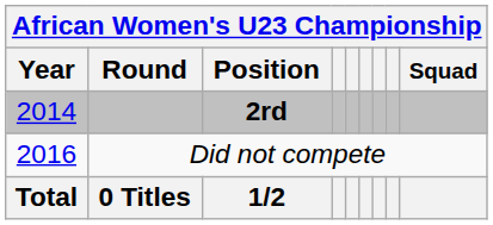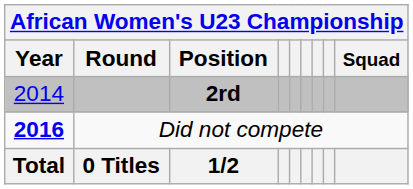 <table class="wikitable" style="text-align: center;">
 <tr>
 <th colspan=9><a href='#'>African Women's U23 Championship</a></th>
 </tr>
 <tr>
 <th>Year</th>
 <th>Round</th>
 <th>Position</th>
 <th></th>
 <th></th>
 <th></th>
 <th></th>
 <th></th>
 <th><small>Squad</small></th>
 </tr>
 <tr bgcolor=silver>
 <td> <a href='#'>2014</a></td>
 <td></td>
 <td><strong>2rd</strong></td>
 <td></td>
 <td></td>
 <td></td>
 <td></td>
 <td></td>
 <td></td>
 </tr>
 <tr bgcolor=>
-<td> <a href='#'>2016</a></td>
+<td><strong> <a href='#'>2016</a></strong></td>
 <td colspan="8" rowspan=1><em>Did not compete</em></td>
 </tr>
 <tr>
 <th>Total</th>
 <th>0 Titles</th>
 <th>1/2</th>
 <th></th>
 <th></th>
 <th></th>
 <th></th>
 <th></th>
 <th></th>
 </tr>
 </table>
